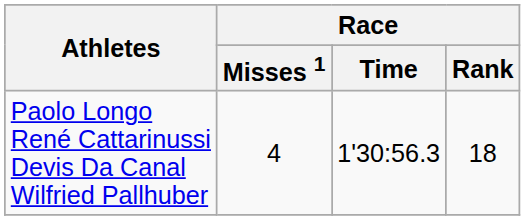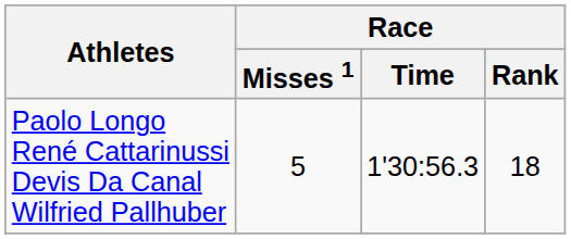 <table class="wikitable" border="1" style="font-size:90%">
 <tr>
 <th rowspan=2>Athletes</th>
 <th colspan=3>Race</th>
 </tr>
 <tr>
 <th>Misses <sup>1</sup></th>
 <th>Time</th>
 <th>Rank</th>
 </tr>
 <tr>
 <td><a href='#'>Paolo Longo</a><br><a href='#'>René Cattarinussi</a><br><a href='#'>Devis Da Canal</a><br><a href='#'>Wilfried Pallhuber</a></td>
-<td align=center>4</td>
+<td align=center>5</td>
 <td align=center>1'30:56.3</td>
 <td align=center>18</td>
 </tr>
 </table>
